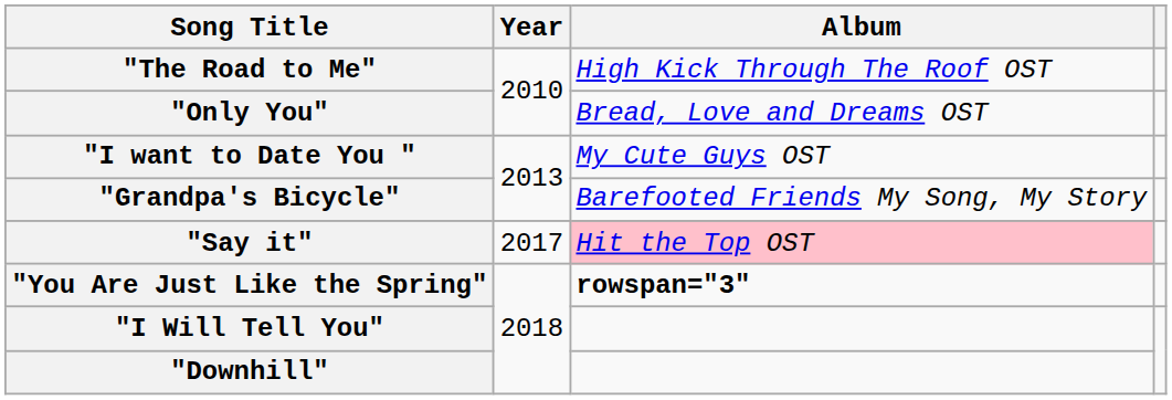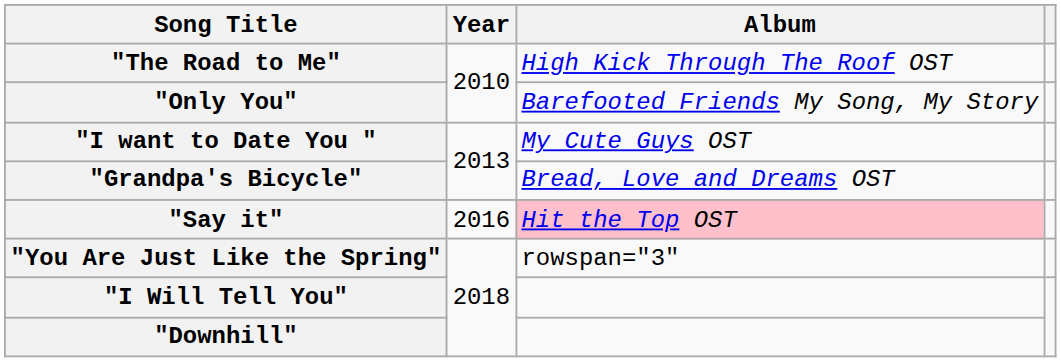 <table class="wikitable plainrowheaders sortable">
 <tr>
 <th scope="col">Song Title</th>
 <th scope="col">Year</th>
 <th scope="col">Album</th>
 <th scope="col" class="unsortable"></th>
 </tr>
 <tr>
 <th scope="row">"The Road to Me"</th>
 <td rowspan="2">2010</td>
 <td><em><a href='#'>High Kick Through The Roof</a> OST</em></td>
 <td></td>
 </tr>
 <tr>
 <th scope="row">"Only You"</th>
-<td><em><a href='#'>Bread, Love and Dreams</a> OST</em></td>
+<td><em><a href='#'>Barefooted Friends</a> My Song, My Story</em></td>
 <td></td>
 </tr>
 <tr>
 <th scope="row">"I want to Date You "</th>
 <td rowspan="2">2013</td>
 <td><em><a href='#'>My Cute Guys</a> OST</em></td>
 <td></td>
 </tr>
 <tr>
 <th scope="row">"Grandpa's Bicycle" <br></th>
-<td><em><a href='#'>Barefooted Friends</a> My Song, My Story</em></td>
+<td><em><a href='#'>Bread, Love and Dreams</a> OST</em></td>
 <td></td>
 </tr>
 <tr>
 <th scope="row">"Say it"<br></th>
-<td>2017</td>
+<td>2016</td>
 <td style="background: pink;"><em><a href='#'>Hit the Top</a> OST</em></td>
 <td></td>
 </tr>
 <tr>
 <th scope="row">"You Are Just Like the Spring"</th>
 <td rowspan="3">2018</td>
-<td><strong>rowspan="3" </strong></td>
+<td>rowspan="3" </td>
 <td></td>
 </tr>
 <tr>
 <th scope="row">"I Will Tell You"</th>
 <td></td>
 </tr>
 <tr>
 <th scope="row">"Downhill"</th>
 <td></td>
 </tr>
 </table>
